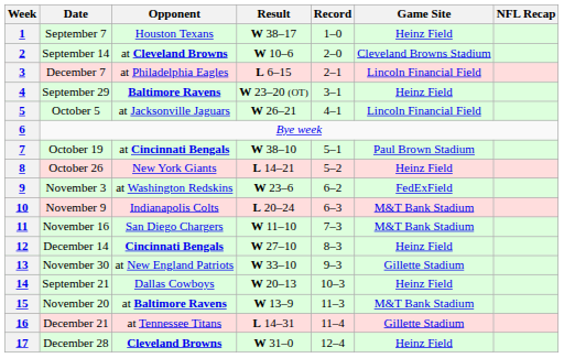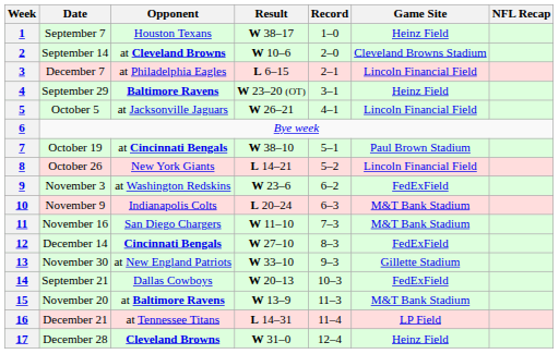 <table class="wikitable" style="text-align:center">
 <tr>
 <th>Week</th>
 <th>Date</th>
 <th>Opponent</th>
 <th>Result</th>
 <th>Record</th>
 <th>Game Site</th>
 <th>NFL Recap</th>
 </tr>
 <tr style="background:#dfd;">
 <th><a href='#'>1</a></th>
 <td>September 7</td>
 <td><a href='#'>Houston Texans</a></td>
 <td><strong>W</strong> 38–17</td>
 <td>1–0</td>
 <td><a href='#'>Heinz Field</a></td>
 <td></td>
 </tr>
 <tr style="background:#dfd;">
 <th><a href='#'>2</a></th>
 <td>September 14</td>
 <td>at <strong><a href='#'>Cleveland Browns</a></strong></td>
 <td><strong>W</strong> 10–6</td>
 <td>2–0</td>
 <td><a href='#'>Cleveland Browns Stadium</a></td>
 <td></td>
 </tr>
 <tr style="background:#fdd;">
 <th><a href='#'>3</a></th>
 <td>December 7</td>
 <td>at <a href='#'>Philadelphia Eagles</a></td>
 <td><strong>L</strong> 6–15</td>
 <td>2–1</td>
 <td><a href='#'>Lincoln Financial Field</a></td>
 <td></td>
 </tr>
 <tr style="background:#dfd;">
 <th><a href='#'>4</a></th>
 <td>September 29</td>
 <td><strong><a href='#'>Baltimore Ravens</a></strong></td>
 <td><strong>W</strong> 23–20 <small>(OT)</small></td>
 <td>3–1</td>
 <td><a href='#'>Heinz Field</a></td>
 <td></td>
 </tr>
 <tr style="background:#dfd;">
 <th><a href='#'>5</a></th>
 <td>October 5</td>
 <td>at <a href='#'>Jacksonville Jaguars</a></td>
 <td><strong>W</strong> 26–21</td>
 <td>4–1</td>
 <td><a href='#'>Lincoln Financial Field</a></td>
 <td></td>
 </tr>
 <tr>
 <th><a href='#'>6</a></th>
 <td colspan="8"><em><a href='#'>Bye week</a></em></td>
 </tr>
 <tr style="background:#dfd;">
 <th><a href='#'>7</a></th>
 <td>October 19</td>
 <td>at <strong><a href='#'>Cincinnati Bengals</a></strong></td>
 <td><strong>W</strong> 38–10</td>
 <td>5–1</td>
 <td><a href='#'>Paul Brown Stadium</a></td>
 <td></td>
 </tr>
 <tr style="background:#fdd;">
 <th><a href='#'>8</a></th>
 <td>October 26</td>
 <td><a href='#'>New York Giants</a></td>
 <td><strong>L</strong> 14–21</td>
 <td>5–2</td>
-<td><a href='#'>Heinz Field</a></td>
+<td><a href='#'>Lincoln Financial Field</a></td>
 <td></td>
 </tr>
 <tr style="background:#dfd;">
 <th><a href='#'>9</a></th>
 <td>November 3</td>
 <td>at <a href='#'>Washington Redskins</a></td>
 <td><strong>W</strong> 23–6</td>
 <td>6–2</td>
 <td><a href='#'>FedExField</a></td>
 <td></td>
 </tr>
 <tr style="background:#fdd;">
 <th><a href='#'>10</a></th>
 <td>November 9</td>
 <td><a href='#'>Indianapolis Colts</a></td>
 <td><strong>L</strong> 20–24</td>
 <td>6–3</td>
 <td><a href='#'>M&T Bank Stadium</a></td>
 <td></td>
 </tr>
 <tr style="background:#dfd;">
 <th><a href='#'>11</a></th>
 <td>November 16</td>
 <td><a href='#'>San Diego Chargers</a></td>
 <td><strong>W</strong> 11–10</td>
 <td>7–3</td>
 <td><a href='#'>M&T Bank Stadium</a></td>
 <td></td>
 </tr>
 <tr style="background:#dfd;">
 <th><a href='#'>12</a></th>
 <td>December 14</td>
 <td><strong><a href='#'>Cincinnati Bengals</a></strong></td>
 <td><strong>W</strong> 27–10</td>
 <td>8–3</td>
-<td><a href='#'>Heinz Field</a></td>
+<td><a href='#'>FedExField</a></td>
 <td></td>
 </tr>
 <tr style="background:#dfd;">
 <th><a href='#'>13</a></th>
 <td>November 30</td>
 <td>at <a href='#'>New England Patriots</a></td>
 <td><strong>W</strong> 33–10</td>
 <td>9–3</td>
 <td><a href='#'>Gillette Stadium</a></td>
 <td></td>
 </tr>
 <tr style="background:#dfd;">
 <th><a href='#'>14</a></th>
 <td>September 21</td>
 <td><a href='#'>Dallas Cowboys</a></td>
 <td><strong>W</strong> 20–13</td>
 <td>10–3</td>
-<td><a href='#'>Heinz Field</a></td>
+<td><a href='#'>FedExField</a></td>
 <td></td>
 </tr>
 <tr style="background:#dfd;">
 <th><a href='#'>15</a></th>
 <td>November 20</td>
 <td>at <strong><a href='#'>Baltimore Ravens</a></strong></td>
 <td><strong>W</strong> 13–9</td>
 <td>11–3</td>
 <td><a href='#'>M&T Bank Stadium</a></td>
 <td></td>
 </tr>
 <tr style="background:#fdd;">
 <th><a href='#'>16</a></th>
 <td>December 21</td>
 <td>at <a href='#'>Tennessee Titans</a></td>
 <td><strong>L</strong> 14–31</td>
 <td>11–4</td>
-<td><a href='#'>Gillette Stadium</a></td>
+<td><a href='#'>LP Field</a></td>
 <td></td>
 </tr>
 <tr style="background:#dfd;">
 <th><a href='#'>17</a></th>
 <td>December 28</td>
 <td><strong><a href='#'>Cleveland Browns</a></strong></td>
 <td><strong>W</strong> 31–0</td>
 <td>12–4</td>
 <td><a href='#'>Heinz Field</a></td>
 <td></td>
 </tr>
 </table>
